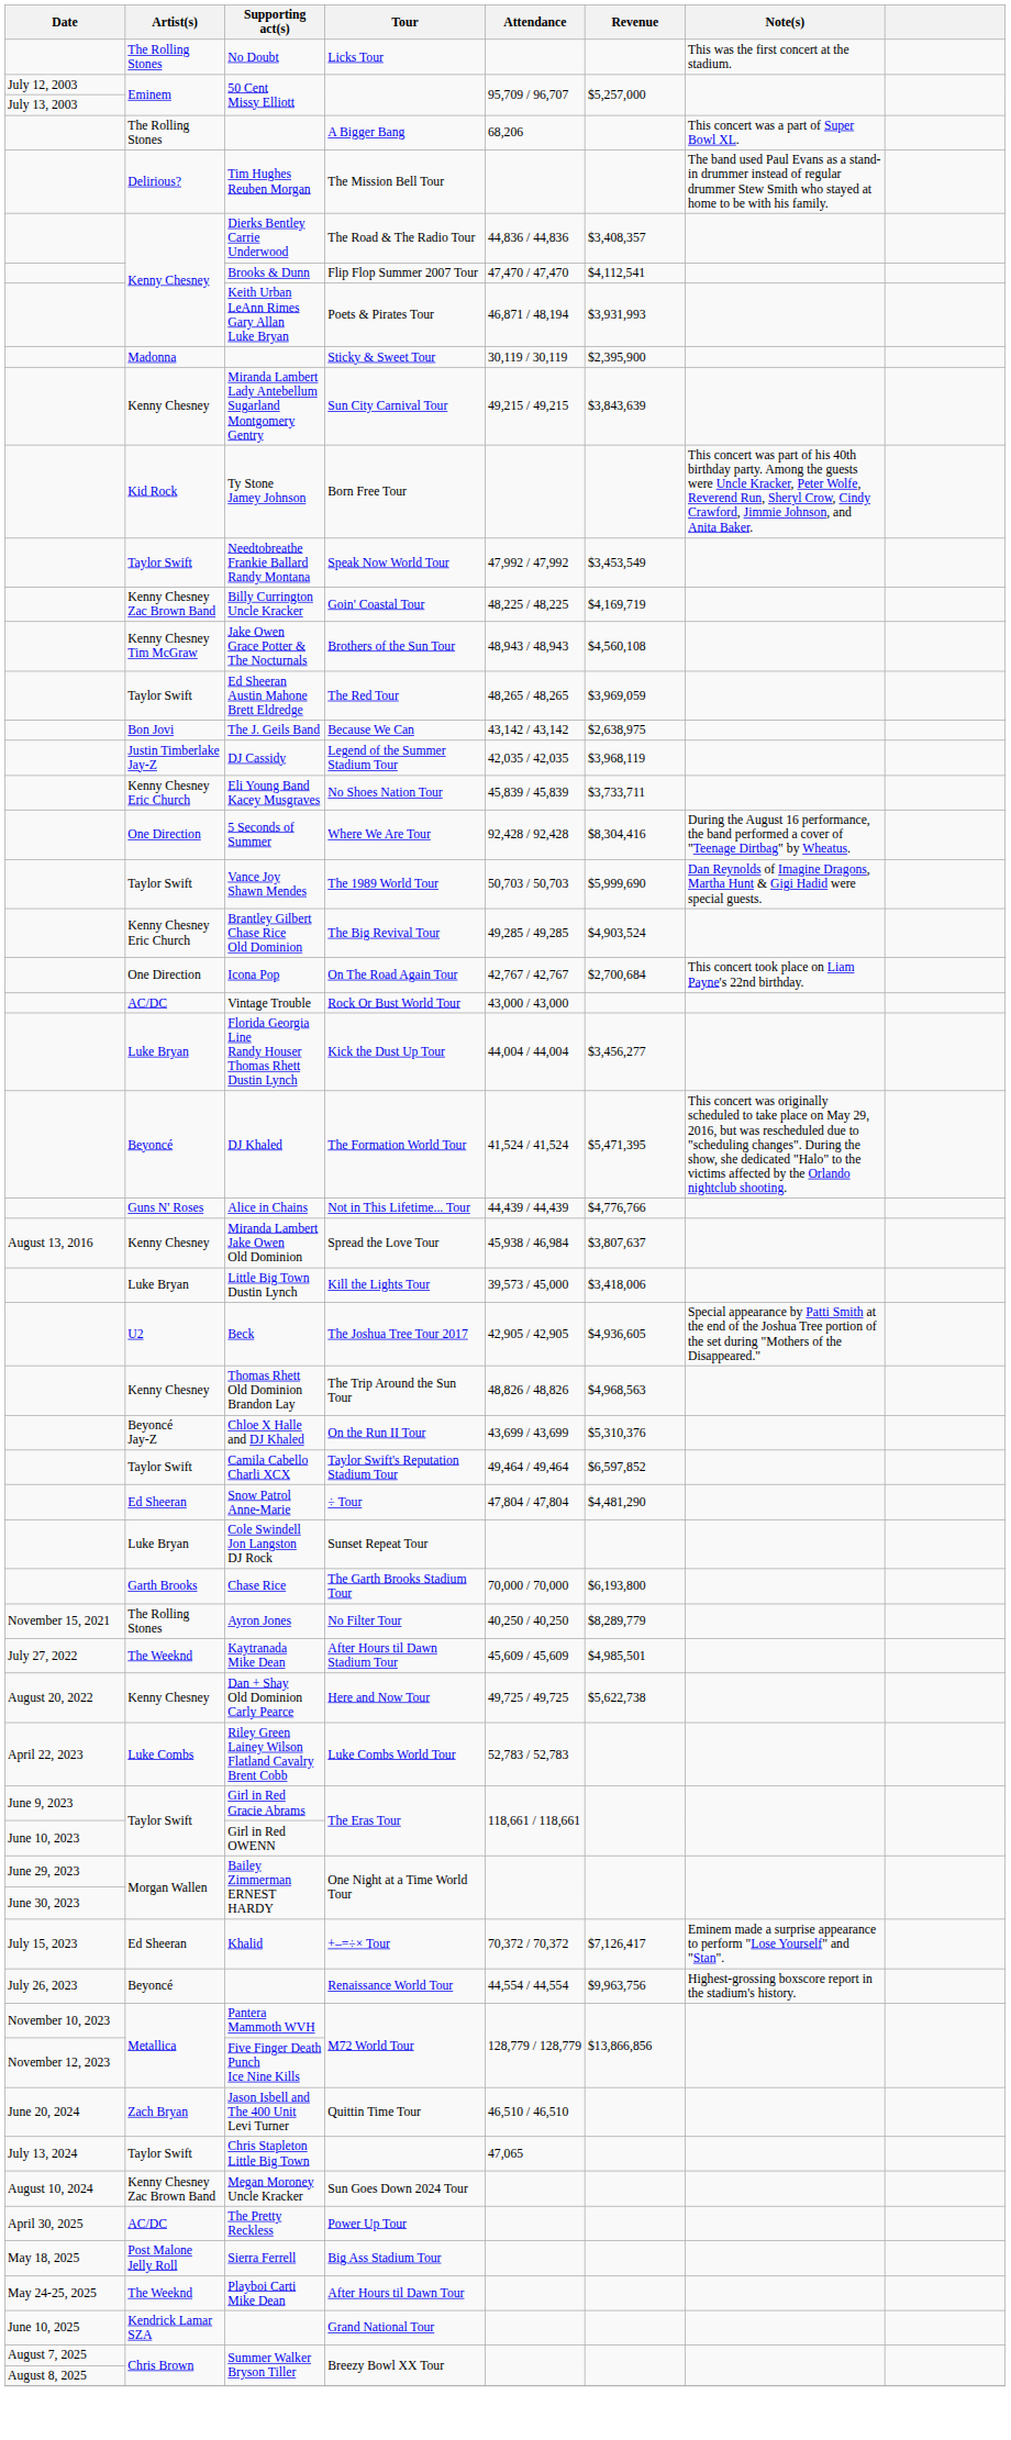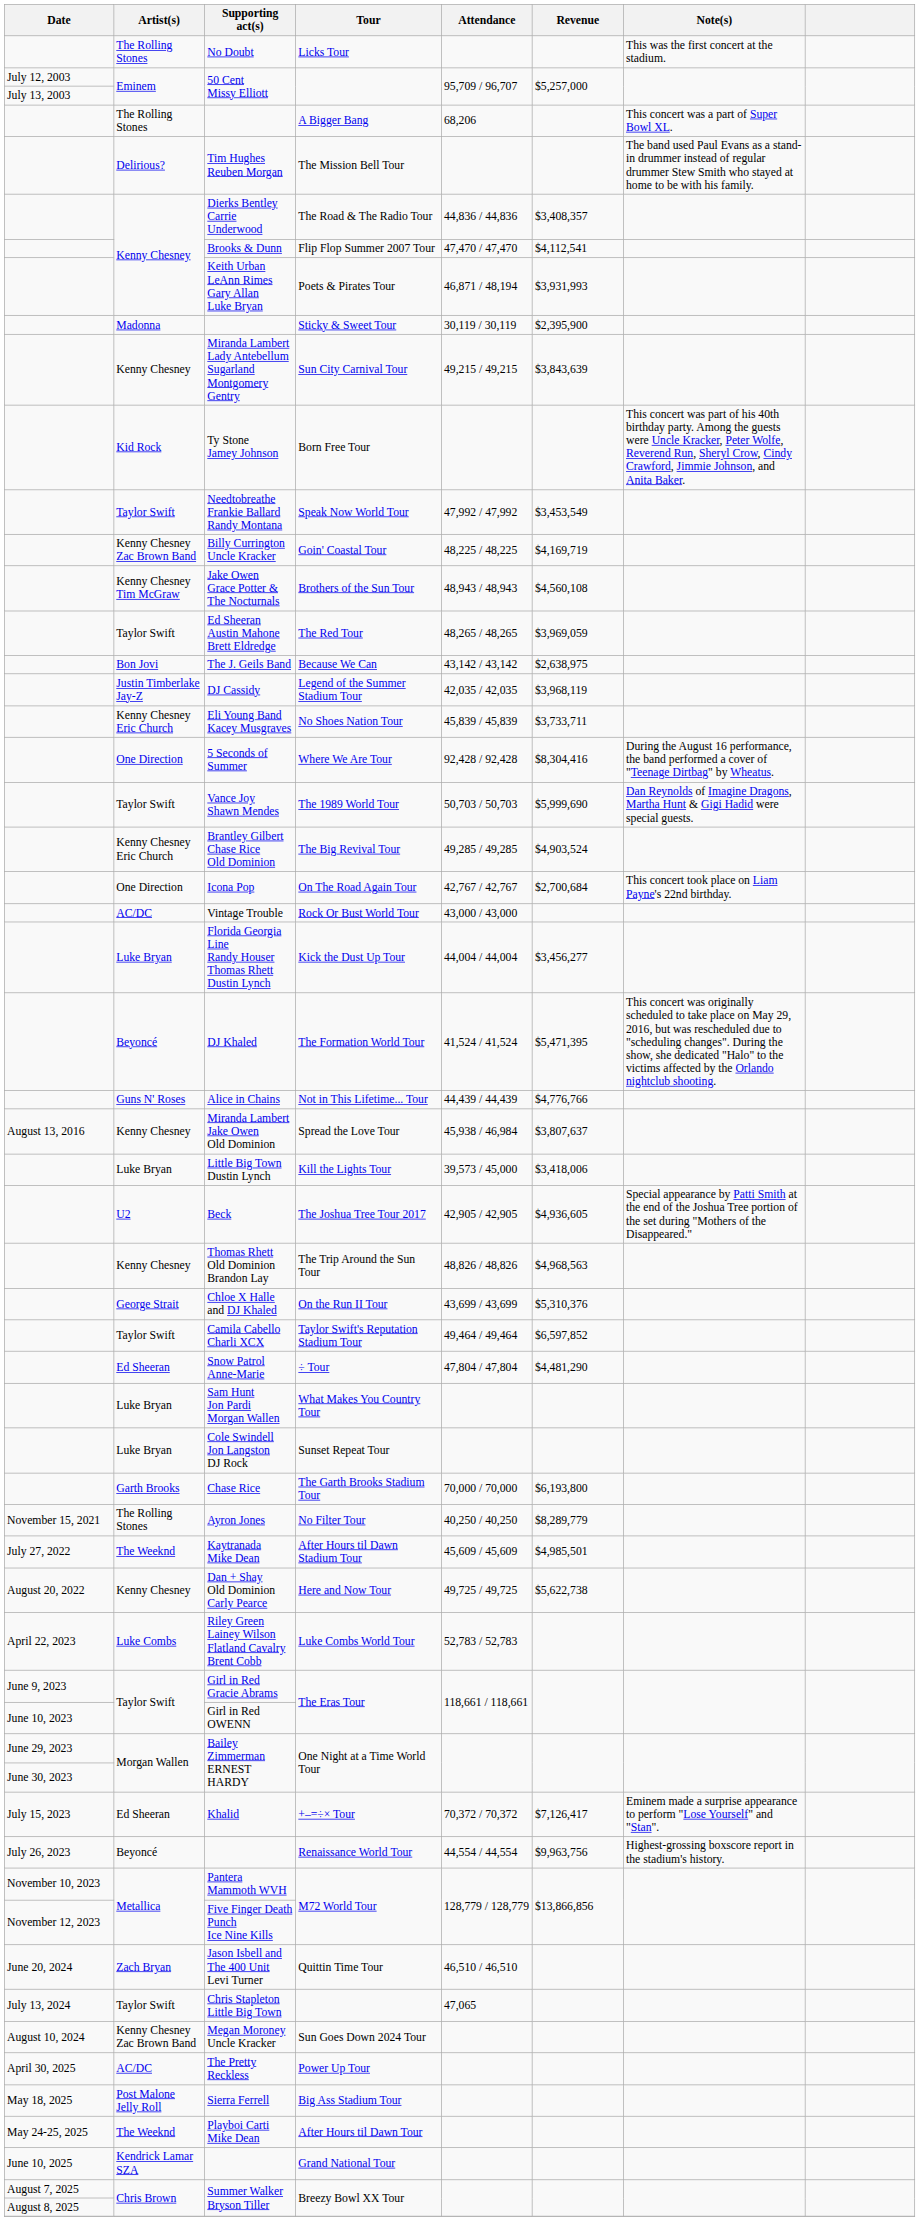 <table class="wikitable" style=font-size:100% style="text-align:center">
 <tr>
 <th scope="col" width=12% style="text-align:center;">Date</th>
 <th scope="col" width=10% style="text-align:center;">Artist(s)</th>
 <th scope="col" width=10% style="text-align:center;">Supporting act(s)</th>
 <th scope="col" width=16% style="text-align:center;">Tour</th>
 <th scope="col" width=10% style="text-align:center;">Attendance</th>
 <th scope="col" width=10% style="text-align:center;">Revenue</th>
 <th scope="col" width=20% style="text-align:center;">Note(s)</th>
 <th scope="col" style="text-align:center;"></th>
 </tr>
 <tr>
 <td></td>
 <td><a href='#'>The Rolling Stones</a></td>
 <td><a href='#'>No Doubt</a></td>
 <td><a href='#'>Licks Tour</a></td>
 <td></td>
 <td></td>
 <td>This was the first concert at the stadium.</td>
 <td></td>
 </tr>
 <tr>
 <td>July 12, 2003</td>
 <td rowspan="2"><a href='#'>Eminem</a></td>
 <td rowspan="2"><a href='#'>50 Cent</a><br><a href='#'>Missy Elliott</a></td>
 <td rowspan="2"></td>
 <td rowspan="2">95,709 / 96,707</td>
 <td rowspan="2">$5,257,000</td>
 <td rowspan="2"></td>
 <td rowspan="2"></td>
 </tr>
 <tr>
 <td>July 13, 2003</td>
 </tr>
 <tr>
 <td></td>
 <td>The Rolling Stones</td>
 <td></td>
 <td><a href='#'>A Bigger Bang</a></td>
 <td>68,206</td>
 <td></td>
 <td>This concert was a part of <a href='#'>Super Bowl XL</a>.</td>
 <td></td>
 </tr>
 <tr>
 <td></td>
 <td><a href='#'>Delirious?</a></td>
 <td><a href='#'>Tim Hughes</a><br><a href='#'>Reuben Morgan</a></td>
 <td>The Mission Bell Tour</td>
 <td></td>
 <td></td>
 <td>The band used Paul Evans as a stand-in drummer instead of regular drummer Stew Smith who stayed at home to be with his family.</td>
 <td></td>
 </tr>
 <tr>
 <td></td>
 <td rowspan="3"><a href='#'>Kenny Chesney</a></td>
 <td><a href='#'>Dierks Bentley</a><br><a href='#'>Carrie Underwood</a></td>
 <td>The Road & The Radio Tour</td>
 <td>44,836 / 44,836</td>
 <td>$3,408,357</td>
 <td></td>
 <td></td>
 </tr>
 <tr>
 <td></td>
 <td><a href='#'>Brooks & Dunn</a></td>
 <td>Flip Flop Summer 2007 Tour</td>
 <td>47,470 / 47,470</td>
 <td>$4,112,541</td>
 <td></td>
 <td></td>
 </tr>
 <tr>
 <td></td>
 <td><a href='#'>Keith Urban</a><br><a href='#'>LeAnn Rimes</a><br><a href='#'>Gary Allan</a><br><a href='#'>Luke Bryan</a></td>
 <td>Poets & Pirates Tour</td>
 <td>46,871 / 48,194</td>
 <td>$3,931,993</td>
 <td></td>
 <td></td>
 </tr>
 <tr>
 <td></td>
 <td><a href='#'>Madonna</a></td>
 <td></td>
 <td><a href='#'>Sticky & Sweet Tour</a></td>
 <td>30,119 / 30,119</td>
 <td>$2,395,900</td>
 <td></td>
 <td></td>
 </tr>
 <tr>
 <td></td>
 <td>Kenny Chesney</td>
 <td><a href='#'>Miranda Lambert</a><br><a href='#'>Lady Antebellum</a><br><a href='#'>Sugarland</a><br><a href='#'>Montgomery Gentry</a></td>
 <td><a href='#'>Sun City Carnival Tour</a></td>
 <td>49,215 / 49,215</td>
 <td>$3,843,639</td>
 <td></td>
 <td></td>
 </tr>
 <tr>
 <td></td>
 <td><a href='#'>Kid Rock</a></td>
 <td>Ty Stone<br><a href='#'>Jamey Johnson</a></td>
 <td>Born Free Tour</td>
 <td></td>
 <td></td>
 <td>This concert was part of his 40th birthday party. Among the guests were <a href='#'>Uncle Kracker</a>, <a href='#'>Peter Wolfe</a>, <a href='#'>Reverend Run</a>, <a href='#'>Sheryl Crow</a>, <a href='#'>Cindy Crawford</a>, <a href='#'>Jimmie Johnson</a>, and <a href='#'>Anita Baker</a>.</td>
 <td></td>
 </tr>
 <tr>
 <td></td>
 <td><a href='#'>Taylor Swift</a></td>
 <td><a href='#'>Needtobreathe</a><br><a href='#'>Frankie Ballard</a><br><a href='#'>Randy Montana</a></td>
 <td><a href='#'>Speak Now World Tour</a></td>
 <td>47,992 / 47,992</td>
 <td>$3,453,549</td>
 <td></td>
 <td></td>
 </tr>
 <tr>
 <td></td>
 <td>Kenny Chesney<br><a href='#'>Zac Brown Band</a></td>
 <td><a href='#'>Billy Currington</a><br> <a href='#'>Uncle Kracker</a></td>
 <td><a href='#'>Goin' Coastal Tour</a></td>
 <td>48,225 / 48,225</td>
 <td>$4,169,719</td>
 <td></td>
 <td></td>
 </tr>
 <tr>
 <td></td>
 <td>Kenny Chesney<br><a href='#'>Tim McGraw</a></td>
 <td><a href='#'>Jake Owen</a><br><a href='#'>Grace Potter & The Nocturnals</a></td>
 <td><a href='#'>Brothers of the Sun Tour</a></td>
 <td>48,943 / 48,943</td>
 <td>$4,560,108</td>
 <td></td>
 <td></td>
 </tr>
 <tr>
 <td></td>
 <td>Taylor Swift</td>
 <td><a href='#'>Ed Sheeran</a><br><a href='#'>Austin Mahone</a><br><a href='#'>Brett Eldredge</a></td>
 <td><a href='#'>The Red Tour</a></td>
 <td>48,265 / 48,265</td>
 <td>$3,969,059</td>
 <td></td>
 <td></td>
 </tr>
 <tr>
 <td></td>
 <td><a href='#'>Bon Jovi</a></td>
 <td><a href='#'>The J. Geils Band</a></td>
 <td><a href='#'>Because We Can</a></td>
 <td>43,142 / 43,142</td>
 <td>$2,638,975</td>
 <td></td>
 <td></td>
 </tr>
 <tr>
 <td></td>
 <td><a href='#'>Justin Timberlake</a><br><a href='#'>Jay-Z</a></td>
 <td><a href='#'>DJ Cassidy</a></td>
 <td><a href='#'>Legend of the Summer Stadium Tour</a></td>
 <td>42,035 / 42,035</td>
 <td>$3,968,119</td>
 <td></td>
 <td></td>
 </tr>
 <tr>
 <td></td>
 <td>Kenny Chesney<br><a href='#'>Eric Church</a></td>
 <td><a href='#'>Eli Young Band</a><br><a href='#'>Kacey Musgraves</a></td>
 <td><a href='#'>No Shoes Nation Tour</a></td>
 <td>45,839 / 45,839</td>
 <td>$3,733,711</td>
 <td></td>
 <td></td>
 </tr>
 <tr>
 <td></td>
 <td><a href='#'>One Direction</a></td>
 <td><a href='#'>5 Seconds of Summer</a></td>
 <td><a href='#'>Where We Are Tour</a></td>
 <td>92,428 / 92,428</td>
 <td>$8,304,416</td>
 <td>During the August 16 performance, the band performed a cover of "<a href='#'>Teenage Dirtbag</a>" by <a href='#'>Wheatus</a>.</td>
 <td></td>
 </tr>
 <tr>
 <td></td>
 <td>Taylor Swift</td>
 <td><a href='#'>Vance Joy</a><br><a href='#'>Shawn Mendes</a></td>
 <td><a href='#'>The 1989 World Tour</a></td>
 <td>50,703 / 50,703</td>
 <td>$5,999,690</td>
 <td><a href='#'>Dan Reynolds</a> of <a href='#'>Imagine Dragons</a>, <a href='#'>Martha Hunt</a> & <a href='#'>Gigi Hadid</a> were special guests.</td>
 <td></td>
 </tr>
 <tr>
 <td></td>
 <td>Kenny Chesney<br>Eric Church</td>
 <td><a href='#'>Brantley Gilbert</a><br><a href='#'>Chase Rice</a><br><a href='#'>Old Dominion</a></td>
 <td><a href='#'>The Big Revival Tour</a></td>
 <td>49,285 / 49,285</td>
 <td>$4,903,524</td>
 <td></td>
 <td></td>
 </tr>
 <tr>
 <td></td>
 <td>One Direction</td>
 <td><a href='#'>Icona Pop</a></td>
 <td><a href='#'>On The Road Again Tour</a></td>
 <td>42,767 / 42,767</td>
 <td>$2,700,684</td>
 <td>This concert took place on <a href='#'>Liam Payne</a>'s 22nd birthday.</td>
 <td></td>
 </tr>
 <tr>
 <td></td>
 <td><a href='#'>AC/DC</a></td>
 <td>Vintage Trouble</td>
 <td><a href='#'>Rock Or Bust World Tour</a></td>
 <td>43,000 / 43,000</td>
 <td></td>
 <td></td>
 <td></td>
 </tr>
 <tr>
 <td></td>
 <td><a href='#'>Luke Bryan</a></td>
 <td><a href='#'>Florida Georgia Line</a><br><a href='#'>Randy Houser</a><br><a href='#'>Thomas Rhett</a><br><a href='#'>Dustin Lynch</a></td>
 <td><a href='#'>Kick the Dust Up Tour</a></td>
 <td>44,004 / 44,004</td>
 <td>$3,456,277</td>
 <td></td>
 <td></td>
 </tr>
 <tr>
 <td></td>
 <td><a href='#'>Beyoncé</a></td>
 <td><a href='#'>DJ Khaled</a></td>
 <td><a href='#'>The Formation World Tour</a></td>
 <td>41,524 / 41,524</td>
 <td>$5,471,395</td>
 <td>This concert was originally scheduled to take place on May 29, 2016, but was rescheduled due to "scheduling changes". During the show, she dedicated "Halo" to the victims affected by the <a href='#'>Orlando nightclub shooting</a>.</td>
 <td></td>
 </tr>
 <tr>
 <td></td>
 <td><a href='#'>Guns N' Roses</a></td>
 <td><a href='#'>Alice in Chains</a></td>
 <td><a href='#'>Not in This Lifetime... Tour</a></td>
 <td>44,439 / 44,439</td>
 <td>$4,776,766</td>
 <td></td>
 <td></td>
 </tr>
 <tr>
 <td>August 13, 2016</td>
 <td>Kenny Chesney</td>
 <td><a href='#'>Miranda Lambert</a><br><a href='#'>Jake Owen</a><br>Old Dominion</td>
 <td>Spread the Love Tour</td>
 <td>45,938 / 46,984</td>
 <td>$3,807,637</td>
 <td></td>
 <td></td>
 </tr>
 <tr>
 <td></td>
 <td>Luke Bryan</td>
 <td><a href='#'>Little Big Town</a><br>Dustin Lynch</td>
 <td><a href='#'>Kill the Lights Tour</a></td>
 <td>39,573 / 45,000</td>
 <td>$3,418,006</td>
 <td></td>
 <td></td>
 </tr>
 <tr>
 <td></td>
 <td><a href='#'>U2</a></td>
 <td><a href='#'>Beck</a></td>
 <td><a href='#'>The Joshua Tree Tour 2017</a></td>
 <td>42,905 / 42,905</td>
 <td>$4,936,605</td>
 <td>Special appearance by <a href='#'>Patti Smith</a> at the end of the Joshua Tree portion of the set during "Mothers of the Disappeared."</td>
 <td></td>
 </tr>
 <tr>
 <td></td>
 <td>Kenny Chesney</td>
 <td><a href='#'>Thomas Rhett</a><br>Old Dominion<br>Brandon Lay</td>
 <td>The Trip Around the Sun Tour</td>
 <td>48,826 / 48,826</td>
 <td>$4,968,563</td>
 <td></td>
 <td></td>
 </tr>
 <tr>
 <td></td>
-<td>Beyoncé<br>Jay-Z</td>
+<td><a href='#'>George Strait</a></td>
 <td><a href='#'>Chloe X Halle</a> and <a href='#'>DJ Khaled</a></td>
 <td><a href='#'>On the Run II Tour</a></td>
 <td>43,699 / 43,699</td>
 <td>$5,310,376</td>
 <td></td>
 <td></td>
 </tr>
 <tr>
 <td></td>
 <td>Taylor Swift</td>
 <td><a href='#'>Camila Cabello</a><br><a href='#'>Charli XCX</a></td>
 <td><a href='#'>Taylor Swift's Reputation Stadium Tour</a></td>
 <td>49,464 / 49,464</td>
 <td>$6,597,852</td>
 <td></td>
 <td></td>
 </tr>
 <tr>
 <td></td>
 <td><a href='#'>Ed Sheeran</a></td>
 <td><a href='#'>Snow Patrol</a><br><a href='#'>Anne-Marie</a></td>
 <td><a href='#'>÷ Tour</a></td>
 <td>47,804 / 47,804</td>
 <td>$4,481,290</td>
+<td></td>
+<td></td>
+</tr>
+<tr>
+<td></td>
+<td>Luke Bryan</td>
+<td><a href='#'>Sam Hunt</a><br><a href='#'>Jon Pardi</a><br><a href='#'>Morgan Wallen</a></td>
+<td><a href='#'>What Makes You Country Tour</a></td>
+<td></td>
+<td></td>
 <td></td>
 <td></td>
 </tr>
 <tr>
 <td></td>
 <td>Luke Bryan</td>
 <td><a href='#'>Cole Swindell</a><br><a href='#'>Jon Langston</a><br>DJ Rock</td>
 <td>Sunset Repeat Tour</td>
 <td></td>
 <td></td>
 <td></td>
 <td></td>
 </tr>
 <tr>
 <td></td>
 <td><a href='#'>Garth Brooks</a></td>
 <td><a href='#'>Chase Rice</a></td>
 <td><a href='#'>The Garth Brooks Stadium Tour</a></td>
 <td>70,000 / 70,000</td>
 <td>$6,193,800</td>
 <td></td>
 <td></td>
 </tr>
 <tr>
 <td>November 15, 2021</td>
 <td>The Rolling Stones</td>
 <td><a href='#'>Ayron Jones</a></td>
 <td><a href='#'>No Filter Tour</a></td>
 <td>40,250 / 40,250</td>
 <td>$8,289,779</td>
 <td></td>
 <td></td>
 </tr>
 <tr>
 <td>July 27, 2022</td>
 <td><a href='#'>The Weeknd</a></td>
 <td><a href='#'>Kaytranada</a><br><a href='#'>Mike Dean</a></td>
 <td><a href='#'>After Hours til Dawn Stadium Tour</a></td>
 <td>45,609 / 45,609</td>
 <td>$4,985,501</td>
 <td></td>
 <td></td>
 </tr>
 <tr>
 <td>August 20, 2022</td>
 <td>Kenny Chesney</td>
 <td><a href='#'>Dan + Shay</a><br>Old Dominion<br><a href='#'>Carly Pearce</a></td>
 <td><a href='#'>Here and Now Tour</a></td>
 <td>49,725 / 49,725</td>
 <td>$5,622,738</td>
 <td></td>
 <td></td>
 </tr>
 <tr>
 <td>April 22, 2023</td>
 <td><a href='#'>Luke Combs</a></td>
 <td><a href='#'>Riley Green</a><br><a href='#'>Lainey Wilson</a><br><a href='#'>Flatland Cavalry</a><br><a href='#'>Brent Cobb</a></td>
 <td><a href='#'>Luke Combs World Tour</a></td>
 <td>52,783 / 52,783</td>
 <td></td>
 <td></td>
 <td></td>
 </tr>
 <tr>
 <td>June 9, 2023</td>
 <td rowspan="2">Taylor Swift</td>
 <td><a href='#'>Girl in Red</a><br><a href='#'>Gracie Abrams</a></td>
 <td rowspan="2"><a href='#'>The Eras Tour</a></td>
 <td rowspan="2">118,661 / 118,661</td>
 <td rowspan="2"></td>
 <td rowspan="2"></td>
 <td rowspan="2"></td>
 </tr>
 <tr>
 <td>June 10, 2023</td>
 <td>Girl in Red<br>OWENN</td>
 </tr>
 <tr>
 <td>June 29, 2023</td>
 <td rowspan="2">Morgan Wallen</td>
 <td rowspan="2"><a href='#'>Bailey Zimmerman</a><br>ERNEST<br>HARDY</td>
 <td rowspan="2">One Night at a Time World Tour</td>
 <td rowspan="2"></td>
 <td rowspan="2"></td>
 <td rowspan="2"></td>
 <td rowspan="2"></td>
 </tr>
 <tr>
 <td>June 30, 2023</td>
 </tr>
 <tr>
 <td>July 15, 2023</td>
 <td>Ed Sheeran</td>
 <td><a href='#'>Khalid</a></td>
 <td><a href='#'>+–=÷× Tour</a></td>
 <td>70,372 / 70,372</td>
 <td>$7,126,417</td>
 <td>Eminem made a surprise appearance to perform "<a href='#'>Lose Yourself</a>" and "<a href='#'>Stan</a>".</td>
 <td></td>
 </tr>
 <tr>
 <td>July 26, 2023</td>
 <td>Beyoncé</td>
 <td></td>
 <td><a href='#'>Renaissance World Tour</a></td>
 <td>44,554 / 44,554</td>
 <td>$9,963,756</td>
 <td>Highest-grossing boxscore report in the stadium's history.</td>
 <td></td>
 </tr>
 <tr>
 <td>November 10, 2023</td>
 <td rowspan="2"><a href='#'>Metallica</a></td>
 <td><a href='#'>Pantera</a><br><a href='#'>Mammoth WVH</a></td>
 <td rowspan="2"><a href='#'>M72 World Tour</a></td>
 <td rowspan="2">128,779 / 128,779</td>
 <td rowspan="2">$13,866,856</td>
 <td rowspan="2"></td>
 <td rowspan="2"></td>
 </tr>
 <tr>
 <td>November 12, 2023</td>
 <td><a href='#'>Five Finger Death Punch</a><br><a href='#'>Ice Nine Kills</a></td>
 </tr>
 <tr>
 <td>June 20, 2024</td>
 <td><a href='#'>Zach Bryan</a></td>
 <td><a href='#'>Jason Isbell and The 400 Unit</a><br>Levi Turner</td>
 <td>Quittin Time Tour</td>
 <td>46,510 / 46,510</td>
 <td></td>
 <td></td>
 <td></td>
 </tr>
 <tr>
 <td>July 13, 2024</td>
 <td>Taylor Swift</td>
 <td><a href='#'>Chris Stapleton</a><br><a href='#'>Little Big Town</a></td>
 <td></td>
 <td>47,065</td>
 <td></td>
 <td></td>
 <td></td>
 </tr>
 <tr>
 <td>August 10, 2024</td>
 <td>Kenny Chesney<br>Zac Brown Band</td>
 <td><a href='#'>Megan Moroney</a><br>Uncle Kracker</td>
 <td>Sun Goes Down 2024 Tour</td>
 <td></td>
 <td></td>
 <td></td>
 <td></td>
 </tr>
 <tr>
 <td>April 30, 2025</td>
 <td><a href='#'>AC/DC</a></td>
 <td><a href='#'>The Pretty Reckless</a></td>
 <td><a href='#'>Power Up Tour</a></td>
 <td></td>
 <td></td>
 <td></td>
 <td></td>
 </tr>
 <tr>
 <td>May 18, 2025</td>
 <td><a href='#'>Post Malone</a><br><a href='#'>Jelly Roll</a></td>
 <td><a href='#'>Sierra Ferrell</a></td>
 <td><a href='#'>Big Ass Stadium Tour</a></td>
 <td></td>
 <td></td>
 <td></td>
 <td></td>
 </tr>
 <tr>
 <td>May 24-25, 2025</td>
 <td><a href='#'>The Weeknd</a></td>
 <td><a href='#'>Playboi Carti</a><br><a href='#'>Mike Dean</a></td>
 <td><a href='#'>After Hours til Dawn Tour</a></td>
 <td></td>
 <td></td>
 <td></td>
 <td></td>
 </tr>
 <tr>
 <td>June 10, 2025</td>
 <td><a href='#'>Kendrick Lamar</a><br><a href='#'>SZA</a></td>
 <td></td>
 <td><a href='#'>Grand National Tour</a></td>
 <td></td>
 <td></td>
 <td></td>
 <td></td>
 </tr>
 <tr>
 <td>August 7, 2025</td>
 <td rowspan="2"><a href='#'>Chris Brown</a></td>
 <td rowspan="2"><a href='#'>Summer Walker</a><br><a href='#'>Bryson Tiller</a></td>
 <td rowspan="2">Breezy Bowl XX Tour</td>
 <td rowspan="2"></td>
 <td rowspan="2"></td>
 <td rowspan="2"></td>
 <td rowspan="2"></td>
 </tr>
 <tr>
 <td>August 8, 2025</td>
 </tr>
 <tr>
 </tr>
 </table>
